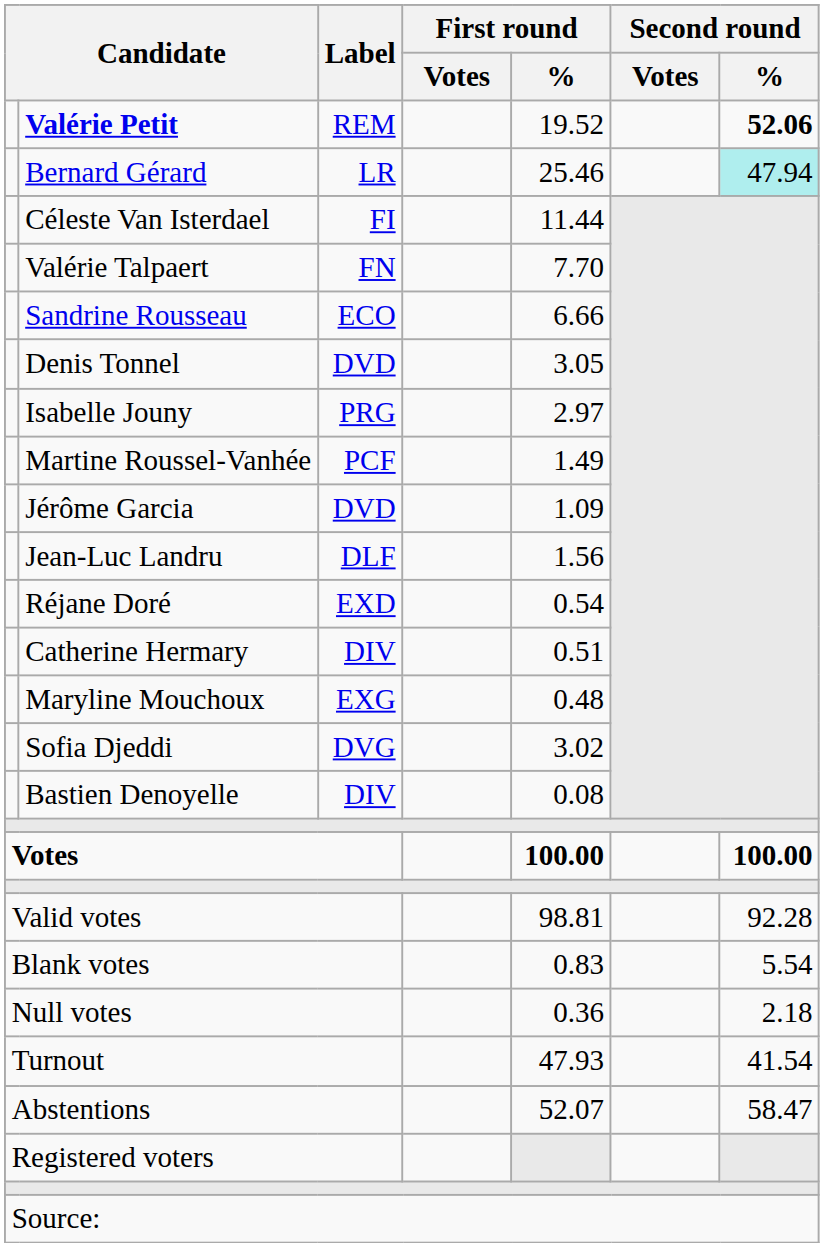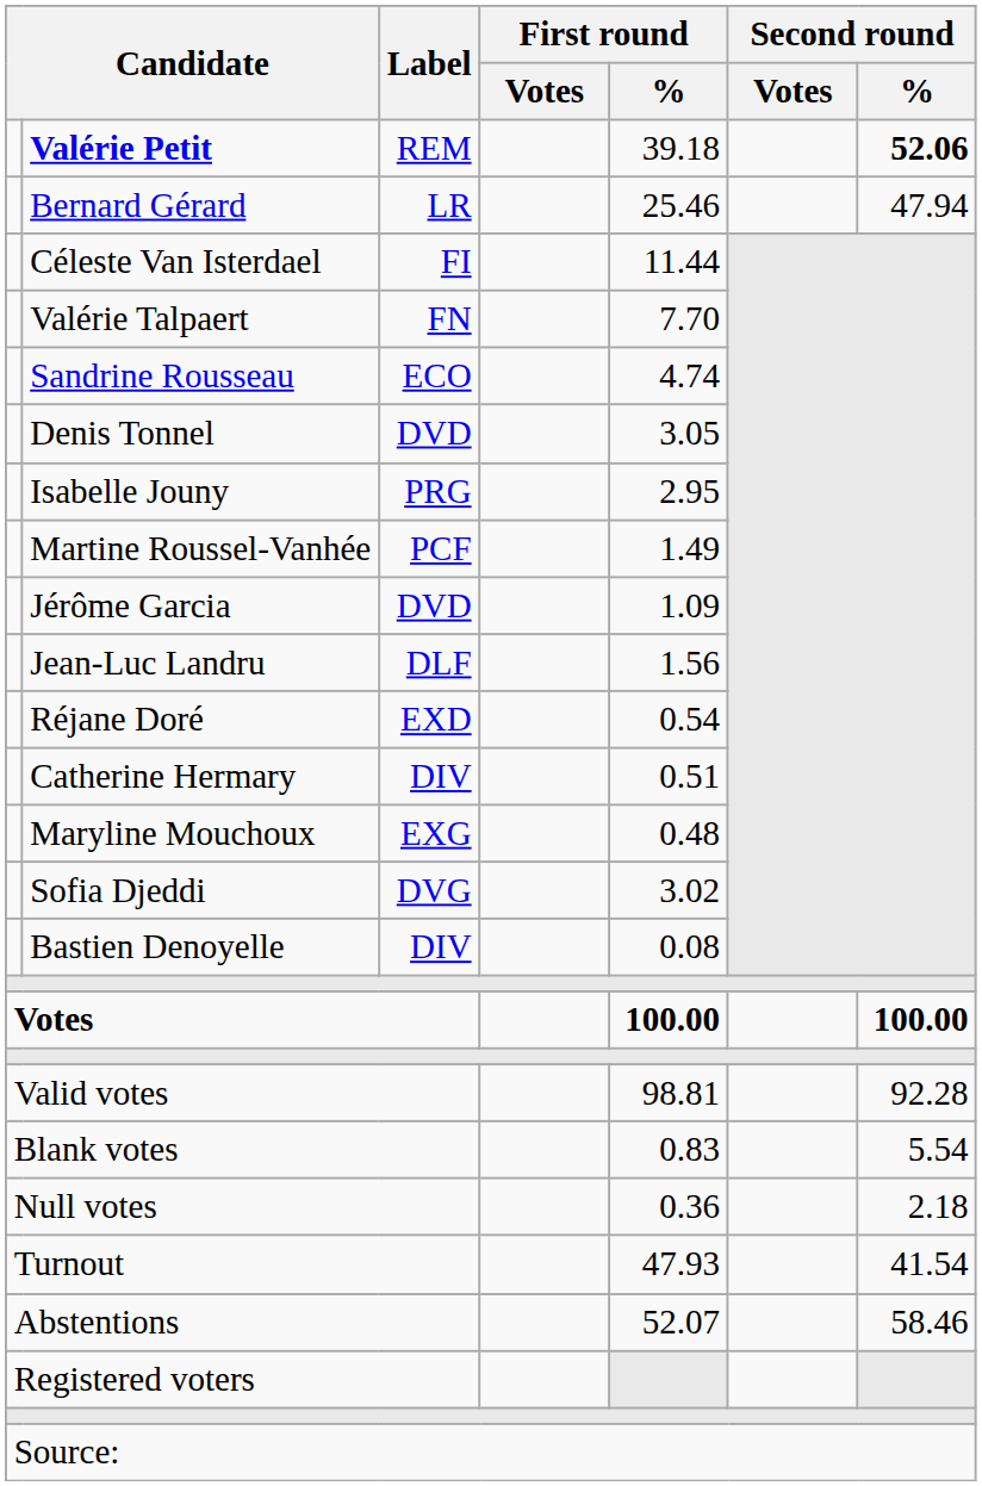 <table class="wikitable" style="text-align:right;font-size:95%;">
 <tr>
 <th rowspan="2" colspan="2">Candidate</th>
 <th rowspan="2">Label</th>
 <th colspan="2">First round</th>
 <th colspan="2">Second round</th>
 </tr>
 <tr>
 <th style="width:50px;">Votes</th>
 <th style="width:45px;">%</th>
 <th style="width:50px;">Votes</th>
 <th style="width:45px;">%</th>
 </tr>
 <tr>
 <td style="color:inherit;background:"></td>
 <td style="text-align:left;"><strong><a href='#'>Valérie Petit</a></strong></td>
 <td><a href='#'>REM</a></td>
 <td></td>
-<td>19.52</td>
+<td>39.18</td>
 <td><strong></strong></td>
 <td><strong>52.06</strong></td>
 </tr>
 <tr>
 <td style="color:inherit;background:"></td>
 <td style="text-align:left;"><a href='#'>Bernard Gérard</a></td>
 <td><a href='#'>LR</a></td>
 <td></td>
 <td>25.46</td>
 <td></td>
-<td style="background: paleturquoise;">47.94</td>
+<td>47.94</td>
 </tr>
 <tr>
 <td style="color:inherit;background:"></td>
 <td style="text-align:left;">Céleste Van Isterdael</td>
 <td><a href='#'>FI</a></td>
 <td></td>
 <td>11.44</td>
 <td colspan="2" rowspan="13" style="background:#E9E9E9;"></td>
 </tr>
 <tr>
 <td style="color:inherit;background:"></td>
 <td style="text-align:left;">Valérie Talpaert</td>
 <td><a href='#'>FN</a></td>
 <td></td>
 <td>7.70</td>
 </tr>
 <tr>
 <td style="color:inherit;background:"></td>
 <td style="text-align:left;"><a href='#'>Sandrine Rousseau</a></td>
 <td><a href='#'>ECO</a></td>
 <td></td>
-<td>6.66</td>
+<td>4.74</td>
 </tr>
 <tr>
 <td style="color:inherit;background:"></td>
 <td style="text-align:left;">Denis Tonnel</td>
 <td><a href='#'>DVD</a></td>
 <td></td>
 <td>3.05</td>
 </tr>
 <tr>
 <td style="color:inherit;background:"></td>
 <td style="text-align:left;">Isabelle Jouny</td>
 <td><a href='#'>PRG</a></td>
 <td></td>
-<td>2.97</td>
+<td>2.95</td>
 </tr>
 <tr>
 <td style="color:inherit;background:"></td>
 <td style="text-align:left;">Martine Roussel-Vanhée</td>
 <td><a href='#'>PCF</a></td>
 <td></td>
 <td>1.49</td>
 </tr>
 <tr>
 <td style="color:inherit;background:"></td>
 <td style="text-align:left;">Jérôme Garcia</td>
 <td><a href='#'>DVD</a></td>
 <td></td>
 <td>1.09</td>
 </tr>
 <tr>
 <td style="color:inherit;background:"></td>
 <td style="text-align:left;">Jean-Luc Landru</td>
 <td><a href='#'>DLF</a></td>
 <td></td>
 <td>1.56</td>
 </tr>
 <tr>
 <td style="color:inherit;background:"></td>
 <td style="text-align:left;">Réjane Doré</td>
 <td><a href='#'>EXD</a></td>
 <td></td>
 <td>0.54</td>
 </tr>
 <tr>
 <td style="color:inherit;background:"></td>
 <td style="text-align:left;">Catherine Hermary</td>
 <td><a href='#'>DIV</a></td>
 <td></td>
 <td>0.51</td>
 </tr>
 <tr>
 <td style="color:inherit;background:"></td>
 <td style="text-align:left;">Maryline Mouchoux</td>
 <td><a href='#'>EXG</a></td>
 <td></td>
 <td>0.48</td>
 </tr>
 <tr>
 <td style="color:inherit;background:"></td>
 <td style="text-align:left;">Sofia Djeddi</td>
 <td><a href='#'>DVG</a></td>
 <td></td>
 <td>3.02</td>
 </tr>
 <tr>
 <td style="color:inherit;background:"></td>
 <td style="text-align:left;">Bastien Denoyelle</td>
 <td><a href='#'>DIV</a></td>
 <td></td>
 <td>0.08</td>
 </tr>
 <tr>
 <td colspan="7" style="background:#E9E9E9;"></td>
 </tr>
 <tr style="font-weight:bold;">
 <td colspan="3" style="text-align:left;">Votes</td>
 <td></td>
 <td>100.00</td>
 <td></td>
 <td>100.00</td>
 </tr>
 <tr>
 <td colspan="7" style="background:#E9E9E9;"></td>
 </tr>
 <tr>
 <td colspan="3" style="text-align:left;">Valid votes</td>
 <td></td>
 <td>98.81</td>
 <td></td>
 <td>92.28</td>
 </tr>
 <tr>
 <td colspan="3" style="text-align:left;">Blank votes</td>
 <td></td>
 <td>0.83</td>
 <td></td>
 <td>5.54</td>
 </tr>
 <tr>
 <td colspan="3" style="text-align:left;">Null votes</td>
 <td></td>
 <td>0.36</td>
 <td></td>
 <td>2.18</td>
 </tr>
 <tr>
 <td colspan="3" style="text-align:left;">Turnout</td>
 <td></td>
 <td>47.93</td>
 <td></td>
 <td>41.54</td>
 </tr>
 <tr>
 <td colspan="3" style="text-align:left;">Abstentions</td>
 <td></td>
 <td>52.07</td>
 <td></td>
-<td>58.47</td>
+<td>58.46</td>
 </tr>
 <tr>
 <td colspan="3" style="text-align:left;">Registered voters</td>
 <td></td>
 <td style="background:#E9E9E9;"></td>
 <td></td>
 <td style="background:#E9E9E9;"></td>
 </tr>
 <tr>
 <td colspan="7" style="background:#E9E9E9;"></td>
 </tr>
 <tr>
 <td colspan="7" style="text-align:left;">Source: </td>
 </tr>
 </table>
